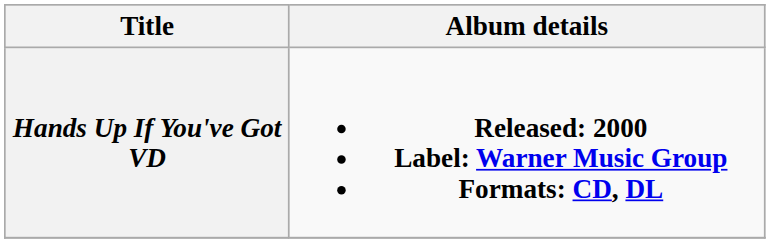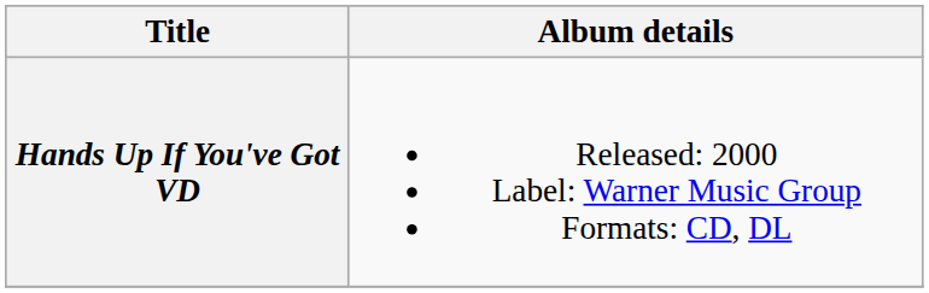 <table class="wikitable plainrowheaders" style="text-align:center;">
 <tr>
 <th scope="col" colspan="1" style="width:10em;">Title</th>
 <th scope="col" colspan="1" style="width:17em;">Album details</th>
 </tr>
 <tr>
 <th scope="row"><em>Hands Up If You've Got VD</em></th>
-<td><strong><br><ul><li>Released: 2000 </li><li>Label: <a href='#'>Warner Music Group</a></li><li>Formats: <a href='#'>CD</a>, <a href='#'>DL</a></li></ul></strong></td>
+<td><br><ul><li>Released: 2000 </li><li>Label: <a href='#'>Warner Music Group</a></li><li>Formats: <a href='#'>CD</a>, <a href='#'>DL</a></li></ul></td>
 </tr>
 <tr>
 </tr>
 </table>
